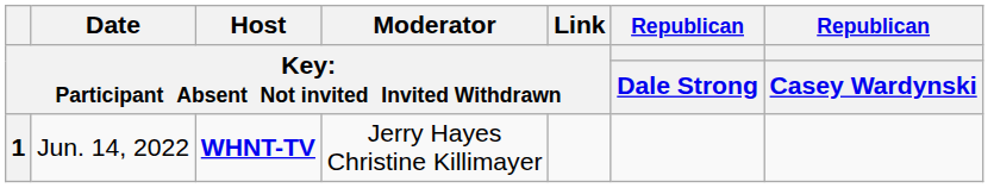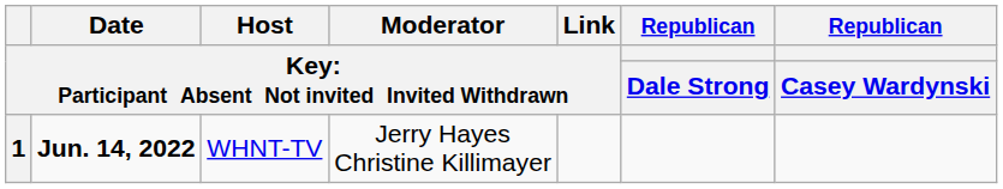 <table class="wikitable" style="text-align:center;">
 <tr>
 <th scope="col"></th>
 <th scope="col">Date</th>
 <th scope="col">Host</th>
 <th scope="col">Moderator</th>
 <th scope="col">Link</th>
 <th scope="col"><small><a href='#'>Republican</a></small></th>
 <th scope="col"><small><a href='#'>Republican</a></small></th>
 </tr>
 <tr>
 <th colspan="5" rowspan="2">Key:<br> <small>Participant </small>  <small>Absent </small>  <small>Not invited </small>  <small>Invited  Withdrawn</small></th>
 <th scope="col" style="background:"></th>
 <th scope="col" style="background:"></th>
 </tr>
 <tr>
 <th scope="col"><a href='#'>Dale Strong</a></th>
 <th scope="col"><a href='#'>Casey Wardynski</a></th>
 </tr>
 <tr>
 <th>1</th>
-<td style="white-space:nowrap;">Jun. 14, 2022</td>
-<td style="white-space:nowrap;"><strong><a href='#'>WHNT-TV</a></strong></td>
+<td style="white-space:nowrap;"><strong>Jun. 14, 2022</strong></td>
+<td style="white-space:nowrap;"><a href='#'>WHNT-TV</a></td>
 <td style="white-space:nowrap;">Jerry Hayes<br>Christine Killimayer</td>
 <td style="white-space:nowrap;"></td>
 <td></td>
 <td></td>
 </tr>
 </table>
